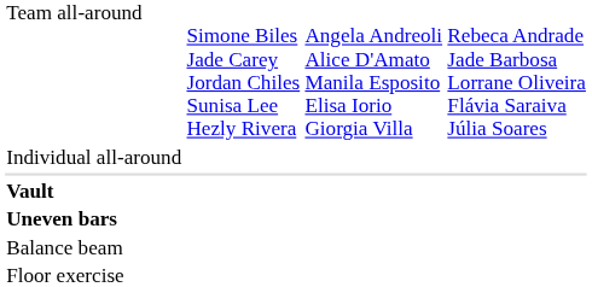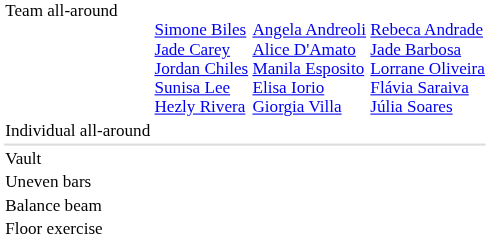 <table>
 <tr valign="top">
 <td>Team all-around<br> </td>
 <td><br><a href='#'>Simone Biles</a><br><a href='#'>Jade Carey</a><br><a href='#'>Jordan Chiles</a><br><a href='#'>Sunisa Lee</a><br><a href='#'>Hezly Rivera</a></td>
 <td><br><a href='#'>Angela Andreoli</a><br><a href='#'>Alice D'Amato</a><br><a href='#'>Manila Esposito</a><br><a href='#'>Elisa Iorio</a><br><a href='#'>Giorgia Villa</a></td>
 <td><br><a href='#'>Rebeca Andrade</a><br><a href='#'>Jade Barbosa</a><br><a href='#'>Lorrane Oliveira</a><br><a href='#'>Flávia Saraiva</a><br><a href='#'>Júlia Soares</a></td>
 </tr>
 <tr>
 <td>Individual all-around<br></td>
 <td></td>
 <td></td>
 <td></td>
 </tr>
 <tr bgcolor=#DDDDDD>
 <td colspan=7></td>
 </tr>
 <tr>
-<td><strong>Vault<br></strong></td>
+<td>Vault<br></td>
 <td></td>
 <td></td>
 <td></td>
 </tr>
 <tr>
-<td><strong>Uneven bars<br></strong></td>
+<td>Uneven bars<br></td>
 <td></td>
 <td></td>
 <td></td>
 </tr>
 <tr>
 <td>Balance beam<br></td>
 <td></td>
 <td></td>
 <td></td>
 </tr>
 <tr valign="top">
 <td rowspan=1>Floor exercise<br></td>
 <td></td>
 <td></td>
 <td></td>
 </tr>
 </table>
